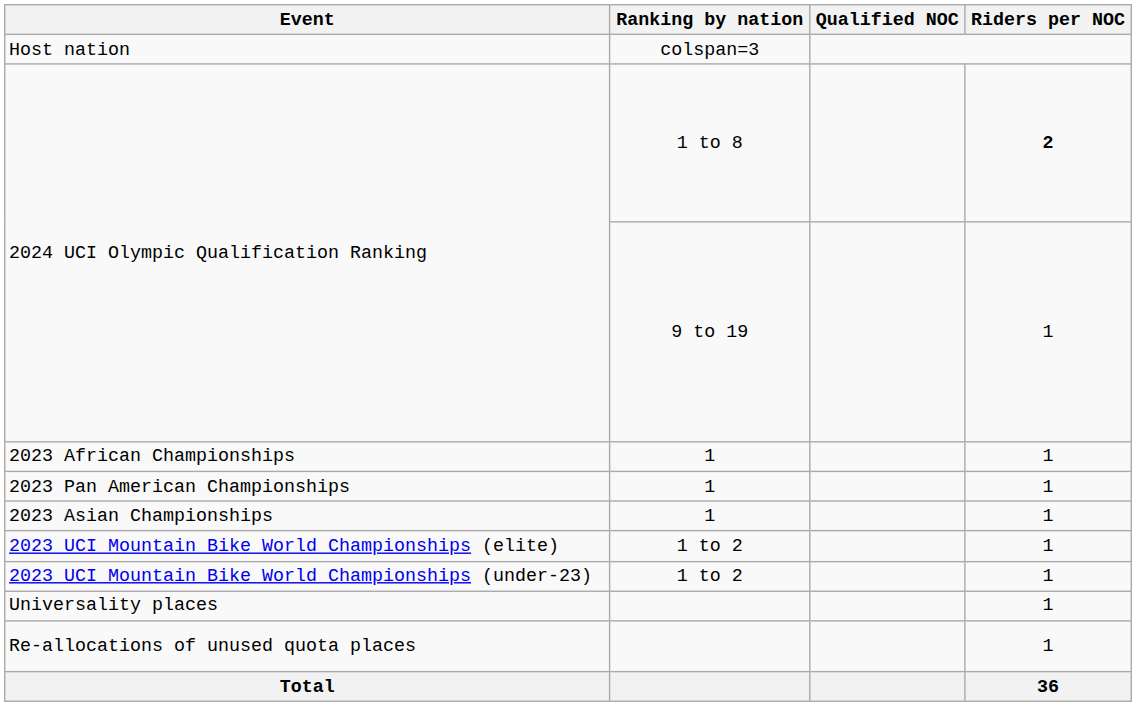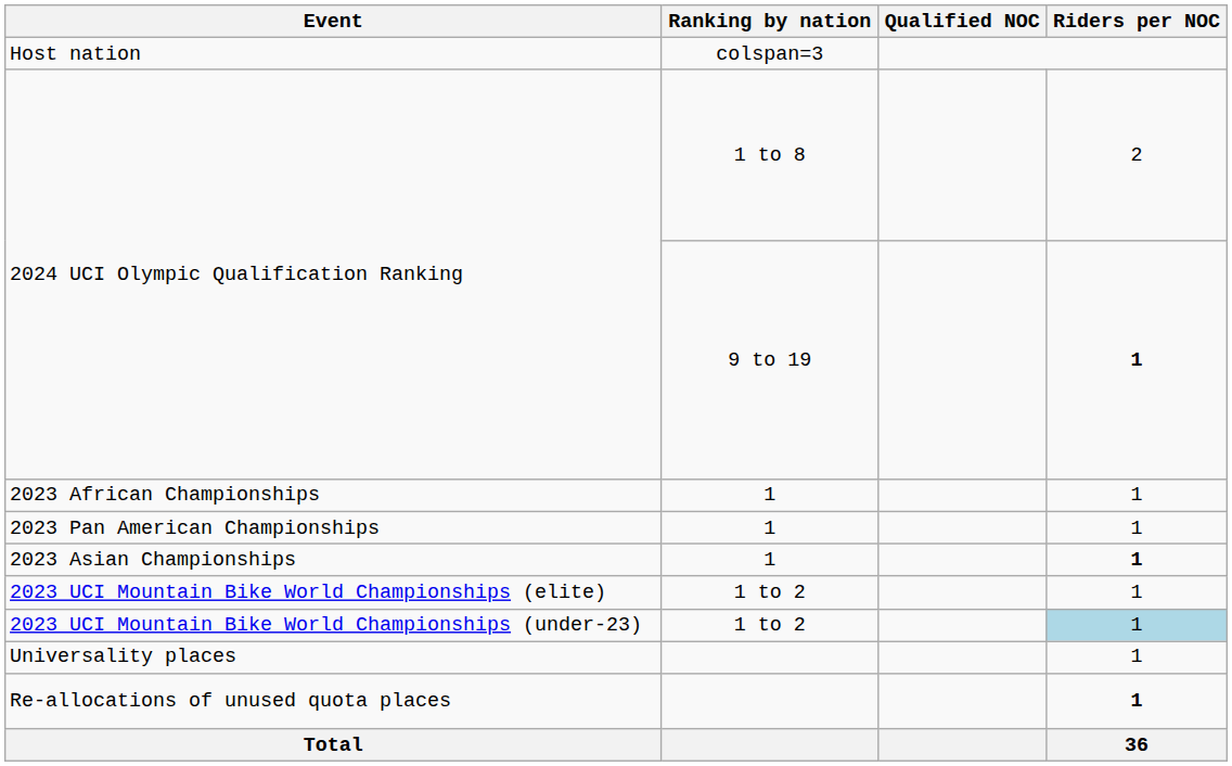 <table class="wikitable"  style="width:800px; text-align:center;">
 <tr>
 <th>Event</th>
 <th>Ranking by nation</th>
 <th>Qualified NOC</th>
 <th>Riders per NOC</th>
 </tr>
 <tr>
 <td align=left>Host nation</td>
 <td>colspan=3 </td>
 </tr>
 <tr>
 <td rowspan=2 align=left>2024 UCI Olympic Qualification Ranking</td>
 <td>1 to 8</td>
 <td align="left"><br><br><br><br><br><br><br></td>
-<td><strong>2</strong></td>
+<td>2</td>
 </tr>
 <tr>
 <td>9 to 19</td>
 <td align="left"><br><br><br><br><br><br><br><br><br><br></td>
-<td>1</td>
+<td><strong>1</strong></td>
 </tr>
 <tr>
 <td align=left>2023 African Championships</td>
 <td>1</td>
 <td align="left"></td>
 <td>1</td>
 </tr>
 <tr>
 <td align=left>2023 Pan American Championships</td>
 <td>1</td>
 <td align="left"></td>
 <td>1</td>
 </tr>
 <tr>
 <td align=left>2023 Asian Championships</td>
 <td>1</td>
 <td align="left"></td>
-<td>1</td>
+<td><strong>1</strong></td>
 </tr>
 <tr>
 <td align=left><a href='#'>2023 UCI Mountain Bike World Championships</a> (elite)</td>
 <td>1 to 2</td>
 <td align="left"><br></td>
 <td>1</td>
 </tr>
 <tr>
 <td align=left><a href='#'>2023 UCI Mountain Bike World Championships</a> (under-23)</td>
 <td>1 to 2</td>
 <td align="left"><s></s><br><s></s></td>
-<td>1</td>
+<td style="background: lightblue;">1</td>
 </tr>
 <tr>
 <td align=left>Universality places</td>
 <td></td>
 <td align="left"></td>
 <td>1</td>
 </tr>
 <tr>
 <td align=left>Re-allocations of unused quota places</td>
 <td></td>
 <td align="left"><br><br></td>
-<td>1</td>
+<td><strong>1</strong></td>
 </tr>
 <tr>
 <th>Total</th>
 <th></th>
 <th></th>
 <th>36</th>
 </tr>
 </table>
